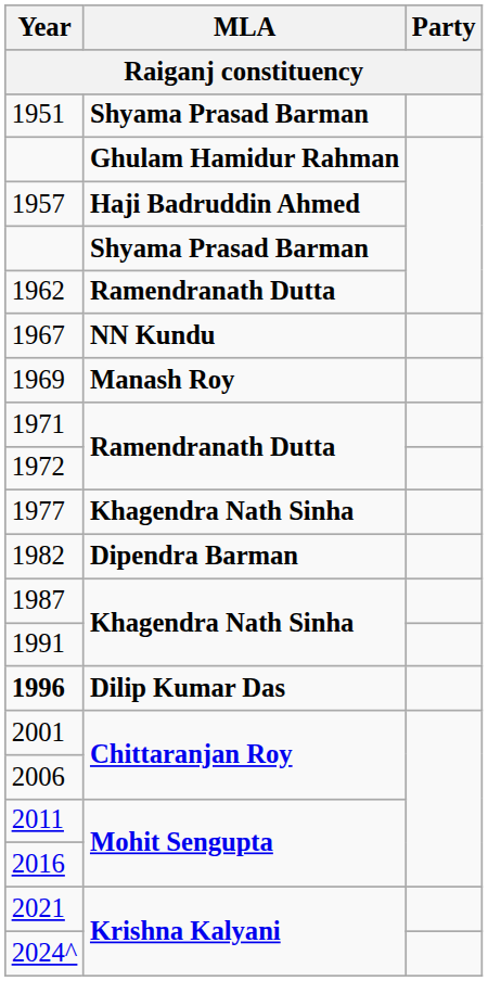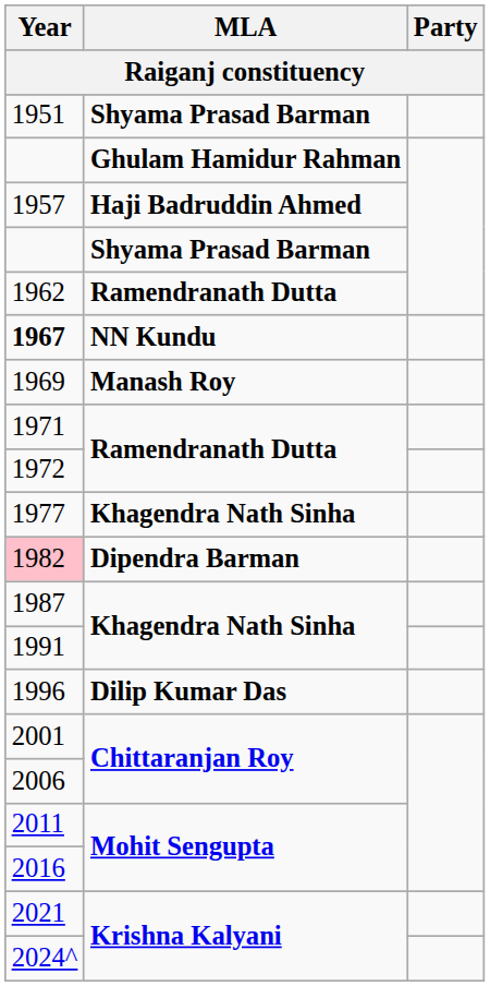 <table class="wikitable sortable" style="font-size:90%">
 <tr>
 <th>Year</th>
 <th>MLA</th>
 <th colspan="2">Party</th>
 </tr>
 <tr>
 <th colspan="4"><strong>Raiganj constituency</strong></th>
 </tr>
 <tr>
 <td>1951</td>
 <td><strong>Shyama Prasad Barman</strong></td>
 <td></td>
 </tr>
 <tr>
 <td></td>
 <td><strong>Ghulam Hamidur Rahman</strong></td>
 </tr>
 <tr>
 <td>1957</td>
 <td><strong>Haji Badruddin Ahmed</strong></td>
 </tr>
 <tr>
 <td></td>
 <td><strong>Shyama Prasad Barman</strong></td>
 </tr>
 <tr>
 <td>1962</td>
 <td><strong>Ramendranath Dutta</strong></td>
 </tr>
 <tr>
-<td>1967</td>
+<td><strong>1967</strong></td>
 <td><strong>NN Kundu</strong></td>
 <td></td>
 </tr>
 <tr>
 <td>1969</td>
 <td><strong>Manash Roy</strong></td>
 <td></td>
 </tr>
 <tr>
 <td>1971</td>
 <td rowspan="2"><strong>Ramendranath Dutta</strong></td>
 <td></td>
 </tr>
 <tr>
 <td>1972</td>
 </tr>
 <tr>
 <td>1977</td>
 <td><strong>Khagendra Nath Sinha</strong></td>
 <td></td>
 </tr>
 <tr>
-<td>1982</td>
+<td style="background: pink;">1982</td>
 <td><strong>Dipendra Barman</strong></td>
 <td></td>
 </tr>
 <tr>
 <td>1987</td>
 <td rowspan="2"><strong>Khagendra Nath Sinha</strong></td>
 <td></td>
 </tr>
 <tr>
 <td>1991</td>
 </tr>
 <tr>
-<td><strong>1996</strong></td>
+<td>1996</td>
 <td><strong>Dilip Kumar Das</strong></td>
 <td></td>
 </tr>
 <tr>
 <td>2001</td>
 <td rowspan="2"><strong><a href='#'>Chittaranjan Roy</a></strong></td>
 </tr>
 <tr>
 <td>2006</td>
 </tr>
 <tr>
 <td><a href='#'>2011</a></td>
 <td rowspan="2"><strong><a href='#'>Mohit Sengupta</a></strong></td>
 </tr>
 <tr>
 <td><a href='#'>2016</a></td>
 </tr>
 <tr>
 <td><a href='#'>2021</a></td>
 <td rowspan=2><strong><a href='#'>Krishna Kalyani</a></strong></td>
 <td></td>
 </tr>
 <tr>
 <td><a href='#'>2024^</a></td>
 <td></td>
 </tr>
 </table>
